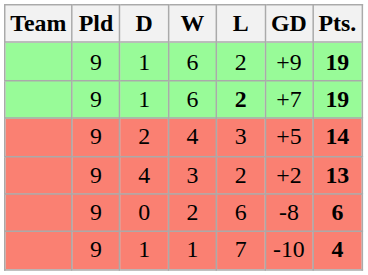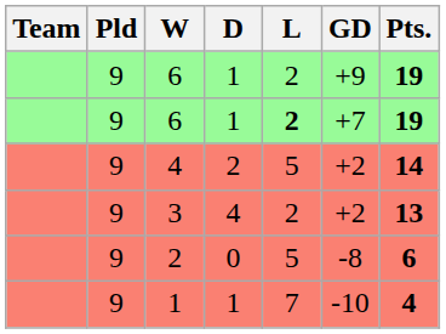 <table class="wikitable" align="center"|>
 <tr>
 <th>Team</th>
 <th width=25px>Pld</th>
+<th width=25px>W</th>
 <th width=25px>D</th>
-<th width=25px>W</th>
 <th width=25px>L</th>
 <th width=25px>GD</th>
 <th width=25px>Pts.</th>
 </tr>
 <tr align="center" bgcolor="#98fb98">
 <td align="left"></td>
 <td>9</td>
+<td>6</td>
 <td>1</td>
-<td>6</td>
 <td>2</td>
 <td>+9</td>
 <td><strong>19</strong></td>
 </tr>
 <tr align="center" bgcolor="#98fb98">
 <td align="left"></td>
 <td>9</td>
+<td>6</td>
 <td>1</td>
-<td>6</td>
 <td><strong>2</strong></td>
 <td>+7</td>
 <td><strong>19</strong></td>
 </tr>
 <tr align="center" bgcolor="#fa8072">
 <td align="left"></td>
 <td>9</td>
+<td>4</td>
 <td>2</td>
-<td>4</td>
-<td>3</td>
-<td>+5</td>
+<td>5</td>
+<td>+2</td>
 <td><strong>14</strong></td>
 </tr>
 <tr align="center" bgcolor="#fa8072">
 <td align="left"></td>
 <td>9</td>
+<td>3</td>
 <td>4</td>
-<td>3</td>
 <td>2</td>
 <td>+2</td>
 <td><strong>13</strong></td>
 </tr>
 <tr align="center" bgcolor="#fa8072">
 <td align="left"><strong></strong></td>
 <td>9</td>
+<td>2</td>
 <td>0</td>
-<td>2</td>
-<td>6</td>
+<td>5</td>
 <td>-8</td>
 <td><strong>6</strong></td>
 </tr>
 <tr align="center" bgcolor="#fa8072">
 <td align="left"></td>
 <td>9</td>
 <td>1</td>
 <td>1</td>
 <td>7</td>
 <td>-10</td>
 <td><strong>4</strong></td>
 </tr>
 </table>
